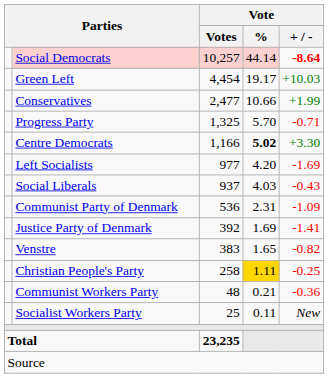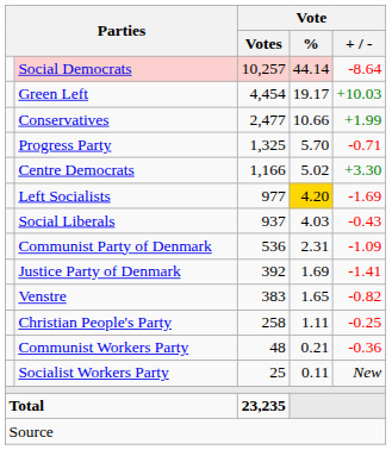 <table class="wikitable" style="text-align:right;">
 <tr>
 <th style="text-align:centre;" rowspan="2" colspan="2" width="225">Parties</th>
 <th colspan="3">Vote</th>
 </tr>
 <tr>
 <th width="15">Votes</th>
 <th width="15">%</th>
 <th width="15">+ / -</th>
 </tr>
 <tr>
 <td width="2" style="color:inherit;background:"></td>
 <td bgcolor=#fbd0ce  align="left"><a href='#'>Social Democrats</a></td>
 <td bgcolor=#fbd0ce>10,257</td>
 <td bgcolor=#fbd0ce>44.14</td>
-<td style=color:red;><strong>-8.64</strong></td>
+<td style=color:red;>-8.64</td>
 </tr>
 <tr>
 <td width="2" style="color:inherit;background:"></td>
 <td align="left"><a href='#'>Green Left</a></td>
 <td>4,454</td>
 <td>19.17</td>
 <td style=color:green;>+10.03</td>
 </tr>
 <tr>
 <td width="2" style="color:inherit;background:"></td>
 <td align="left"><a href='#'>Conservatives</a></td>
 <td>2,477</td>
 <td>10.66</td>
 <td style=color:green;>+1.99</td>
 </tr>
 <tr>
 <td width="2" style="color:inherit;background:"></td>
 <td align="left"><a href='#'>Progress Party</a></td>
 <td>1,325</td>
 <td>5.70</td>
 <td style=color:red;>-0.71</td>
 </tr>
 <tr>
 <td width="2" style="color:inherit;background:"></td>
 <td align="left"><a href='#'>Centre Democrats</a></td>
 <td>1,166</td>
-<td><strong>5.02</strong></td>
+<td>5.02</td>
 <td style=color:green;>+3.30</td>
 </tr>
 <tr>
 <td width="2" style="color:inherit;background:"></td>
 <td align="left"><a href='#'>Left Socialists</a></td>
 <td>977</td>
-<td>4.20</td>
+<td style="background: gold;">4.20</td>
 <td style=color:red;>-1.69</td>
 </tr>
 <tr>
 <td width="2" style="color:inherit;background:"></td>
 <td align="left"><a href='#'>Social Liberals</a></td>
 <td>937</td>
 <td>4.03</td>
 <td style=color:red;>-0.43</td>
 </tr>
 <tr>
 <td width="2" style="color:inherit;background:"></td>
 <td align="left"><a href='#'>Communist Party of Denmark</a></td>
 <td>536</td>
 <td>2.31</td>
 <td style=color:red;>-1.09</td>
 </tr>
 <tr>
 <td width="2" style="color:inherit;background:"></td>
 <td align="left"><a href='#'>Justice Party of Denmark</a></td>
 <td>392</td>
 <td>1.69</td>
 <td style=color:red;>-1.41</td>
 </tr>
 <tr>
 <td width="2" style="color:inherit;background:"></td>
 <td align="left"><a href='#'>Venstre</a></td>
 <td>383</td>
 <td>1.65</td>
 <td style=color:red;>-0.82</td>
 </tr>
 <tr>
 <td width="2" style="color:inherit;background:"></td>
 <td align="left"><a href='#'>Christian People's Party</a></td>
 <td>258</td>
-<td style="background: gold;">1.11</td>
+<td>1.11</td>
 <td style=color:red;>-0.25</td>
 </tr>
 <tr>
 <td width="2" style="color:inherit;background:"></td>
 <td align="left"><a href='#'>Communist Workers Party</a></td>
 <td>48</td>
 <td>0.21</td>
 <td style=color:red;>-0.36</td>
 </tr>
 <tr>
 <td width="2" style="color:inherit;background:"></td>
 <td align="left"><a href='#'>Socialist Workers Party</a></td>
 <td>25</td>
 <td>0.11</td>
 <td><em>New</em></td>
 </tr>
 <tr>
 <td colspan="7" bgcolor="#E9E9E9"></td>
 </tr>
 <tr>
 <td align="left" colspan="2"><strong>Total</strong></td>
 <td><strong>23,235</strong></td>
 <td bgcolor="#E9E9E9" colspan="2"></td>
 </tr>
 <tr>
 <td align="left" colspan="6">Source</td>
 </tr>
 </table>
